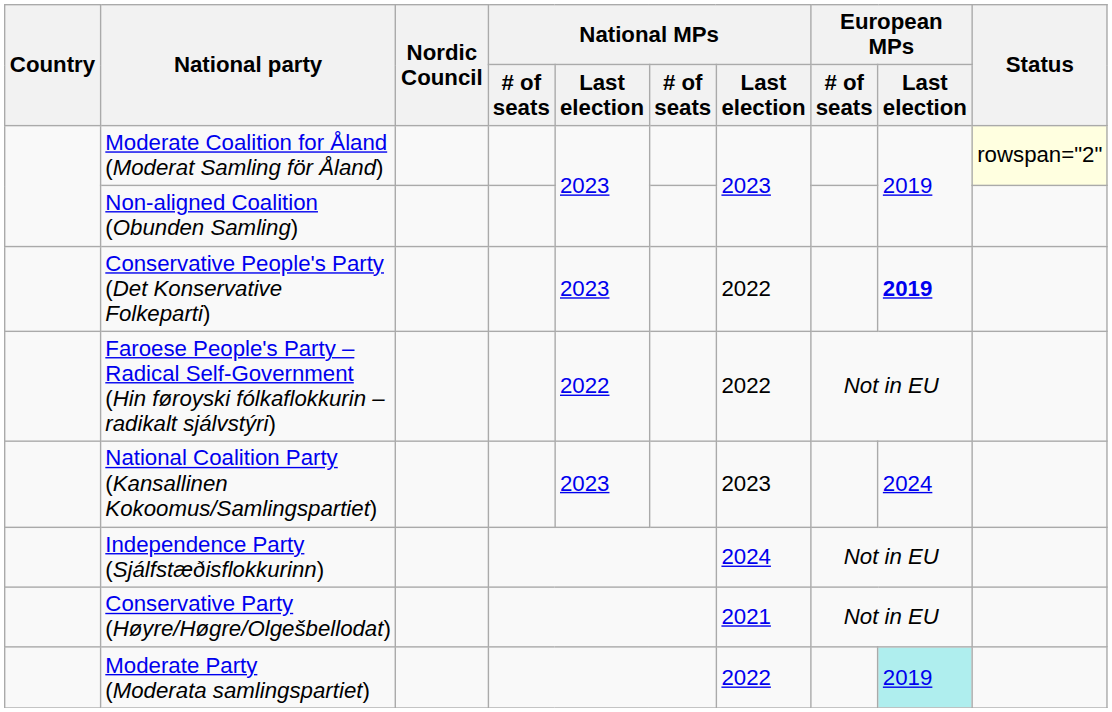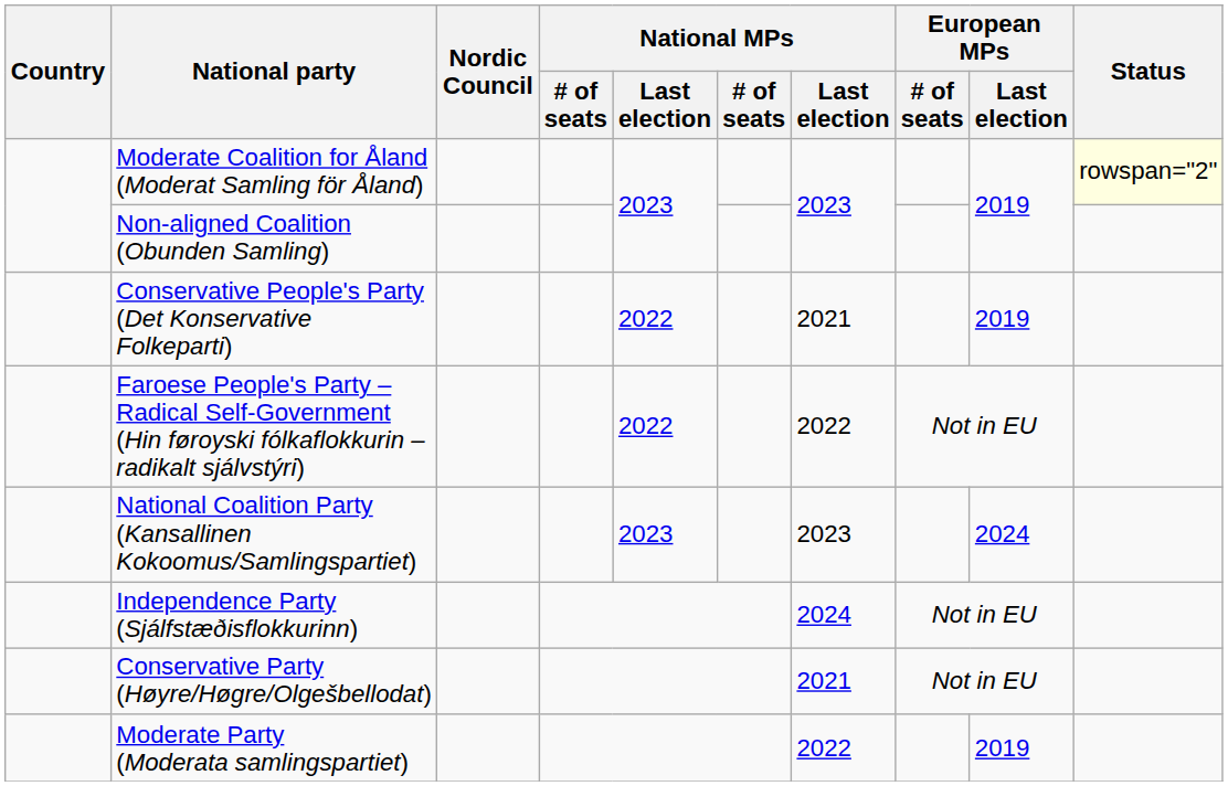 <table class="wikitable">
 <tr>
 <th rowspan=2>Country</th>
 <th rowspan=2>National party</th>
 <th rowspan=2>Nordic Council</th>
 <th colspan=4>National MPs</th>
 <th colspan=2>European MPs</th>
 <th rowspan=2>Status</th>
 </tr>
 <tr>
 <th># of seats</th>
 <th>Last election</th>
 <th># of seats</th>
 <th>Last election</th>
 <th># of seats</th>
 <th>Last election</th>
 </tr>
 <tr>
 <td rowspan="2"></td>
 <td><a href='#'>Moderate Coalition for Åland</a><br>(<em>Moderat Samling för Åland</em>)</td>
 <td></td>
 <td></td>
 <td rowspan="2"><a href='#'>2023</a></td>
 <td><small></small></td>
 <td rowspan="2"><a href='#'>2023</a></td>
 <td></td>
 <td rowspan="2"><a href='#'>2019</a></td>
 <td style="background: lightyellow;">rowspan="2" </td>
 </tr>
 <tr>
 <td><a href='#'>Non-aligned Coalition</a><br>(<em>Obunden Samling</em>)</td>
 <td></td>
 <td></td>
 <td><small></small></td>
 <td></td>
 </tr>
 <tr>
 <td></td>
 <td><a href='#'>Conservative People's Party</a><br>(<em>Det Konservative Folkeparti</em>)</td>
 <td></td>
 <td></td>
-<td><a href='#'>2023</a></td>
+<td><a href='#'>2022</a></td>
 <td></td>
-<td>2022</td>
+<td>2021</td>
 <td></td>
-<td><strong><a href='#'>2019</a></strong></td>
+<td><a href='#'>2019</a></td>
 <td></td>
 </tr>
 <tr>
 <td></td>
 <td><a href='#'>Faroese People's Party – Radical Self-Government</a><br>(<em>Hin føroyski fólkaflokkurin – radikalt sjálvstýri</em>)</td>
 <td></td>
 <td></td>
 <td><a href='#'>2022</a></td>
 <td><small></small></td>
 <td>2022</td>
 <td colspan=2 style="text-align:center;"><em>Not in EU</em></td>
 <td></td>
 </tr>
 <tr>
 <td></td>
 <td><a href='#'>National Coalition Party</a><br>(<em>Kansallinen Kokoomus/Samlingspartiet</em>)</td>
 <td></td>
 <td></td>
 <td><a href='#'>2023</a></td>
 <td></td>
 <td>2023</td>
 <td></td>
 <td><a href='#'>2024</a></td>
 <td></td>
 </tr>
 <tr>
 <td></td>
 <td><a href='#'>Independence Party</a><br>(<em>Sjálfstæðisflokkurinn</em>)</td>
 <td></td>
 <td colspan=3></td>
 <td><a href='#'>2024</a></td>
 <td colspan=2 style="text-align:center;"><em>Not in EU</em></td>
 <td></td>
 </tr>
 <tr>
 <td></td>
 <td><a href='#'>Conservative Party</a><br>(<em>Høyre/Høgre/Olgešbellodat</em>)</td>
 <td></td>
 <td colspan=3></td>
 <td><a href='#'>2021</a></td>
 <td colspan=2 style="text-align:center;"><em>Not in EU</em></td>
 <td></td>
 </tr>
 <tr>
 <td></td>
 <td><a href='#'>Moderate Party</a><br>(<em>Moderata samlingspartiet</em>)</td>
 <td></td>
 <td colspan=3></td>
 <td><a href='#'>2022</a></td>
 <td></td>
-<td style="background: paleturquoise;"><a href='#'>2019</a></td>
+<td><a href='#'>2019</a></td>
 <td></td>
 </tr>
 </table>
